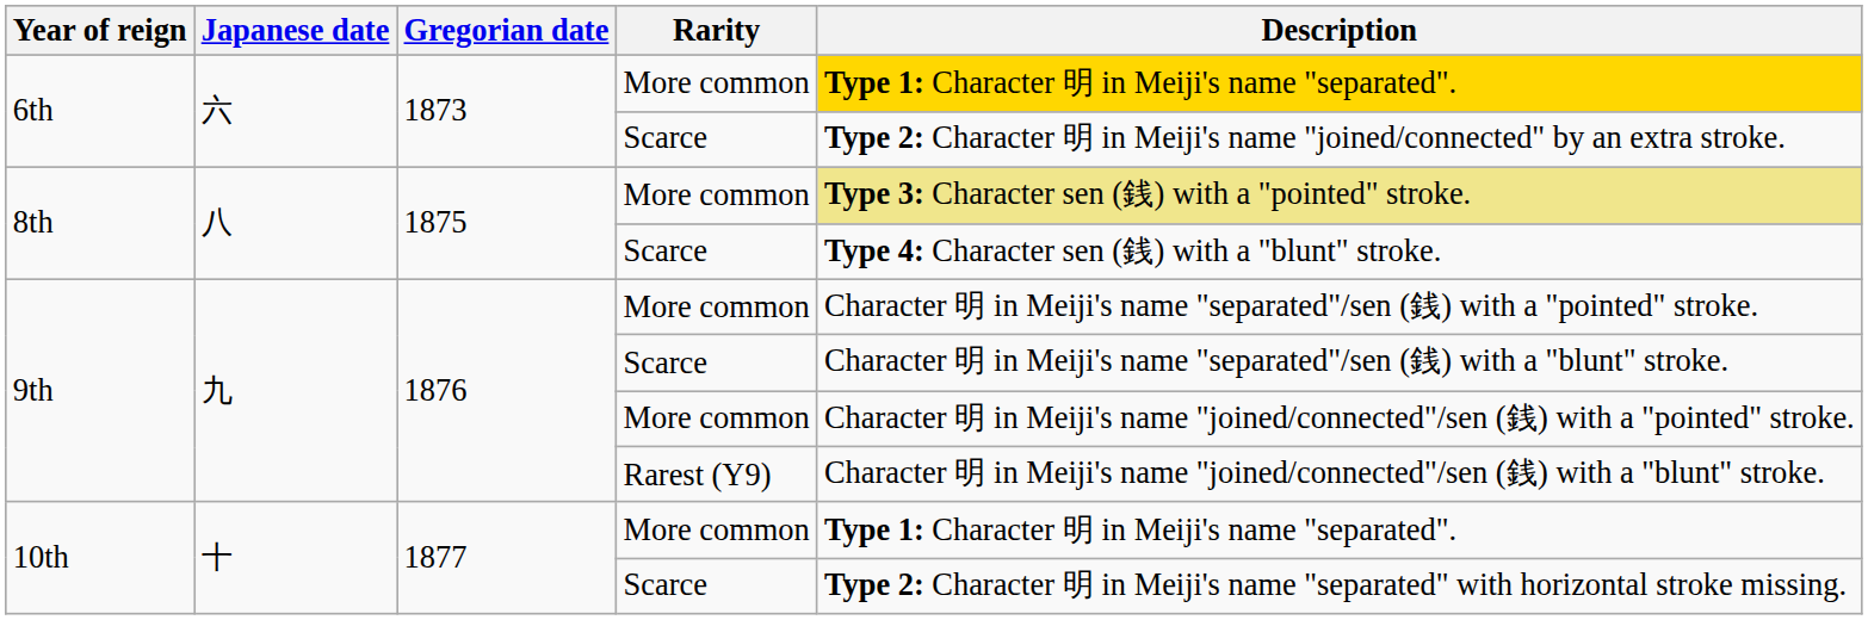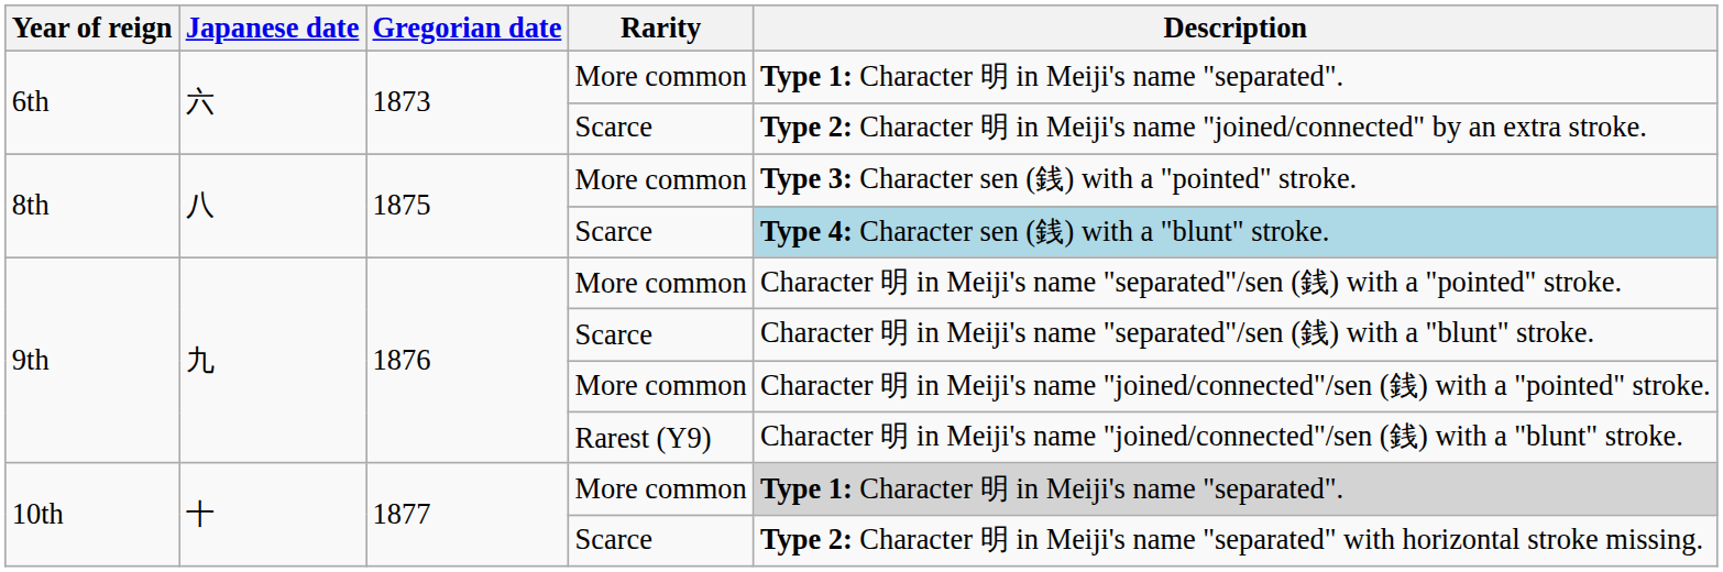 <table class="wikitable" style="margin: auto">
 <tr>
 <th>Year of reign</th>
 <th class="unsortable"><a href='#'>Japanese date</a></th>
 <th><a href='#'>Gregorian date</a></th>
 <th>Rarity</th>
 <th>Description</th>
 </tr>
 <tr>
 <td rowspan=2>6th</td>
 <td rowspan=2>六</td>
 <td rowspan=2>1873</td>
 <td>More common</td>
-<td style="background: gold;"><strong>Type 1:</strong> Character 明 in Meiji's name "separated".</td>
+<td><strong>Type 1:</strong> Character 明 in Meiji's name "separated".</td>
 </tr>
 <tr>
 <td>Scarce</td>
 <td><strong>Type 2:</strong> Character 明 in Meiji's name "joined/connected" by an extra stroke.</td>
 </tr>
 <tr>
 <td rowspan=2>8th</td>
 <td rowspan=2>八</td>
 <td rowspan=2>1875</td>
 <td>More common</td>
-<td style="background: khaki;"><strong>Type 3:</strong> Character sen (銭) with a "pointed" stroke.</td>
+<td><strong>Type 3:</strong> Character sen (銭) with a "pointed" stroke.</td>
 </tr>
 <tr>
 <td>Scarce</td>
-<td><strong>Type 4:</strong> Character sen (銭) with a "blunt" stroke.</td>
+<td style="background: lightblue;"><strong>Type 4:</strong> Character sen (銭) with a "blunt" stroke.</td>
 </tr>
 <tr>
 <td rowspan=4>9th</td>
 <td rowspan=4>九</td>
 <td rowspan=4>1876</td>
 <td>More common</td>
 <td>Character 明 in Meiji's name "separated"/sen (銭) with a "pointed" stroke.</td>
 </tr>
 <tr>
 <td>Scarce</td>
 <td>Character 明 in Meiji's name "separated"/sen (銭) with a "blunt" stroke.</td>
 </tr>
 <tr>
 <td>More common</td>
 <td>Character 明 in Meiji's name "joined/connected"/sen (銭) with a "pointed" stroke.</td>
 </tr>
 <tr>
 <td>Rarest (Y9)</td>
 <td>Character 明 in Meiji's name "joined/connected"/sen (銭) with a "blunt" stroke.</td>
 </tr>
 <tr>
 <td rowspan=2>10th</td>
 <td rowspan=2>十</td>
 <td rowspan=2>1877</td>
 <td>More common</td>
-<td><strong>Type 1:</strong> Character 明 in Meiji's name "separated".</td>
+<td style="background: lightgrey;"><strong>Type 1:</strong> Character 明 in Meiji's name "separated".</td>
 </tr>
 <tr>
 <td>Scarce</td>
 <td><strong>Type 2:</strong> Character 明 in Meiji's name "separated" with horizontal stroke missing.</td>
 </tr>
 </table>
